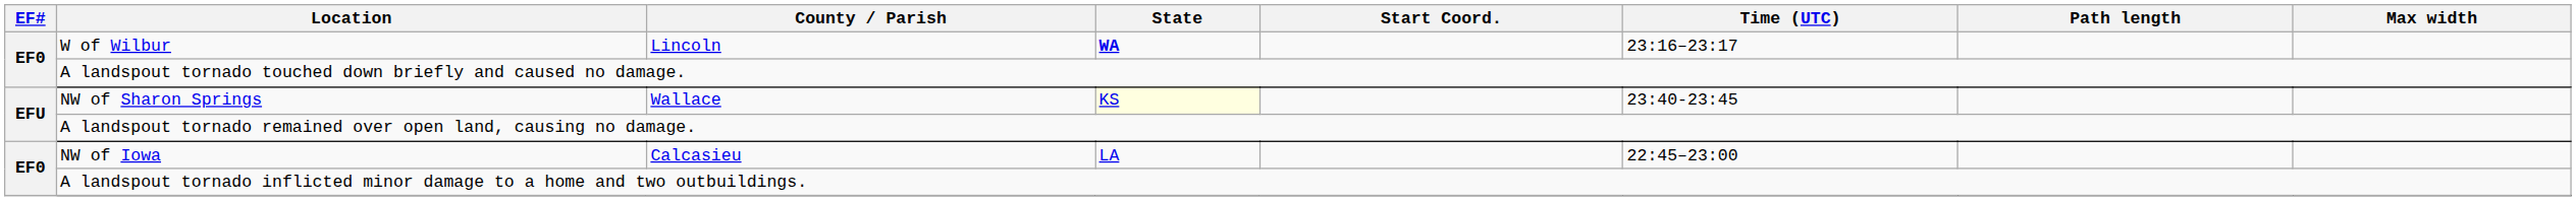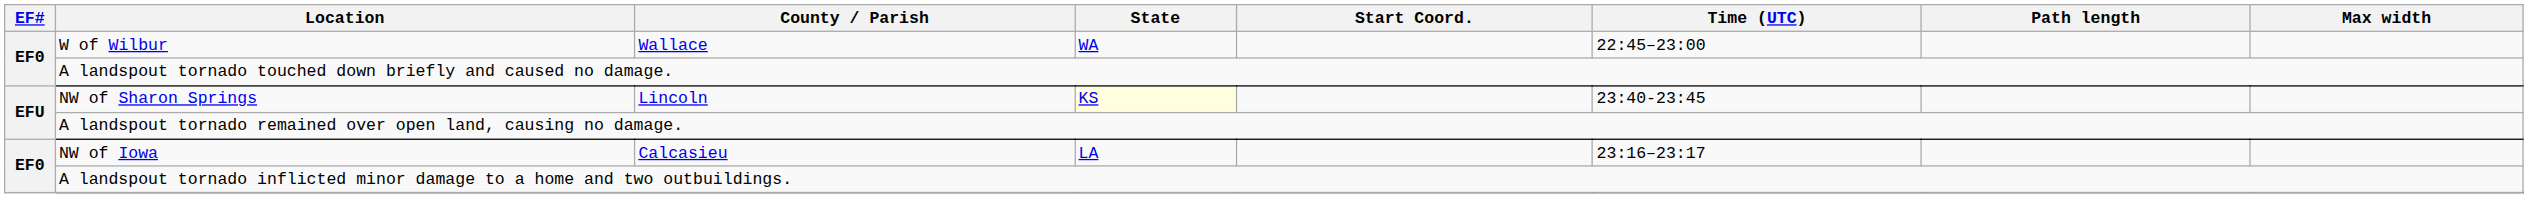 <table class="wikitable sortable" style="width:100%;">
 <tr>
 <th scope="col" width="2%" align="center"><a href='#'>EF#</a></th>
 <th scope="col" align="center" class="unsortable">Location</th>
 <th scope="col" align="center" class="unsortable">County / Parish</th>
 <th scope="col" align="center">State</th>
 <th scope="col" align="center">Start Coord.</th>
 <th scope="col" align="center">Time (<a href='#'>UTC</a>)</th>
 <th scope="col" align="center">Path length</th>
 <th scope="col" align="center">Max width</th>
 </tr>
 <tr>
 <th scope="row" rowspan="2" style="background-color:#">EF0</th>
 <td>W of <a href='#'>Wilbur</a></td>
-<td><a href='#'>Lincoln</a></td>
-<td><strong><a href='#'>WA</a></strong></td>
+<td><a href='#'>Wallace</a></td>
+<td><a href='#'>WA</a></td>
 <td></td>
-<td>23:16–23:17</td>
+<td>22:45–23:00</td>
 <td></td>
 <td></td>
 </tr>
 <tr class="expand-child">
 <td colspan="8" style=" border-bottom: 1px solid black;">A landspout tornado touched down briefly and caused no damage.</td>
 </tr>
 <tr>
 <th scope="row" rowspan="2" style="background-color:#">EFU</th>
 <td>NW of <a href='#'>Sharon Springs</a></td>
-<td><a href='#'>Wallace</a></td>
+<td><a href='#'>Lincoln</a></td>
 <td style="background: lightyellow;"><a href='#'>KS</a></td>
 <td></td>
 <td>23:40-23:45</td>
 <td></td>
 <td></td>
 </tr>
 <tr class="expand-child">
 <td colspan="8" style=" border-bottom: 1px solid black;">A landspout tornado remained over open land, causing no damage.</td>
 </tr>
 <tr>
 <th scope="row" rowspan="2" style="background-color:#">EF0</th>
 <td>NW of <a href='#'>Iowa</a></td>
 <td><a href='#'>Calcasieu</a></td>
 <td><a href='#'>LA</a></td>
 <td></td>
-<td>22:45–23:00</td>
+<td>23:16–23:17</td>
 <td></td>
 <td></td>
 </tr>
 <tr class="expand-child">
 <td colspan="8" style=" border-bottom: 1px solid black;">A landspout tornado inflicted minor damage to a home and two outbuildings.</td>
 </tr>
 <tr>
 </tr>
 </table>
